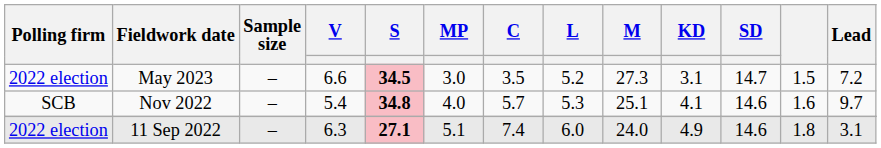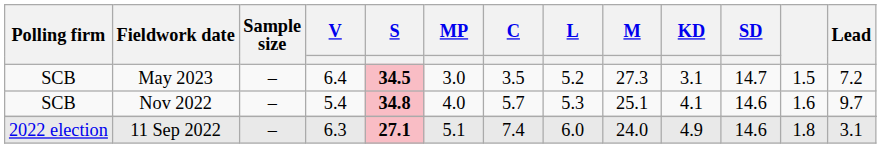 <table class="wikitable sortable" style="text-align:center;font-size:90%;line-height:14px;">
 <tr style="height:40px;">
 <th rowspan="2">Polling firm</th>
 <th rowspan="2">Fieldwork date</th>
 <th rowspan="2">Sample<br>size</th>
 <th class="sortable" style="width:40px;"><a href='#'>V</a></th>
 <th class="sortable" style="width:40px;"><a href='#'>S</a></th>
 <th class="sortable" style="width:40px;"><a href='#'>MP</a></th>
 <th class="sortable" style="width:40px;"><a href='#'>C</a></th>
 <th class="sortable" style="width:40px;"><a href='#'>L</a></th>
 <th class="sortable" style="width:40px;"><a href='#'>M</a></th>
 <th class="sortable" style="width:40px;"><a href='#'>KD</a></th>
 <th class="sortable" style="width:40px;"><a href='#'>SD</a></th>
 <th class="sortable" style="width:30px;" rowspan="2"></th>
 <th style="width:30px;" rowspan="2">Lead</th>
 </tr>
 <tr>
 <th style="background:"></th>
 <th style="background:"></th>
 <th style="background:"></th>
 <th style="background:"></th>
 <th style="background:"></th>
 <th style="background:"></th>
 <th style="background:"></th>
 <th style="background:"></th>
 </tr>
 <tr>
-<td><a href='#'>2022 election</a></td>
+<td>SCB</td>
 <td>May 2023</td>
 <td>–</td>
-<td>6.6</td>
+<td>6.4</td>
 <td style="background:#F9BDC5;"><strong>34.5</strong></td>
 <td>3.0</td>
 <td>3.5</td>
 <td>5.2</td>
 <td>27.3</td>
 <td>3.1</td>
 <td>14.7</td>
 <td>1.5</td>
 <td style="background:">7.2</td>
 </tr>
 <tr>
 <td>SCB</td>
 <td>Nov 2022</td>
 <td>–</td>
 <td>5.4</td>
 <td style="background:#F9BDC5;"><strong>34.8</strong></td>
 <td>4.0</td>
 <td>5.7</td>
 <td>5.3</td>
 <td>25.1</td>
 <td>4.1</td>
 <td>14.6</td>
 <td>1.6</td>
 <td style="background:">9.7</td>
 </tr>
 <tr>
 </tr>
 <tr style="background:#E9E9E9;">
 <td><a href='#'>2022 election</a></td>
 <td data-sort-value="2018-09-09">11 Sep 2022</td>
 <td>–</td>
 <td>6.3</td>
 <td style="background:#F9BDC5;"><strong>27.1</strong></td>
 <td>5.1</td>
 <td>7.4</td>
 <td>6.0</td>
 <td>24.0</td>
 <td>4.9</td>
 <td>14.6</td>
 <td>1.8</td>
 <td style="background:">3.1</td>
 </tr>
 </table>
